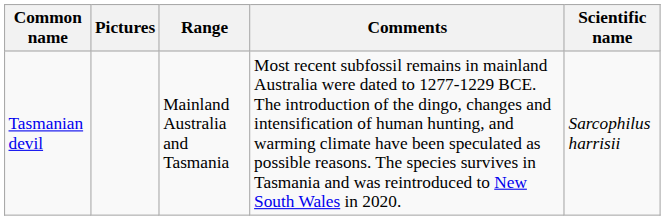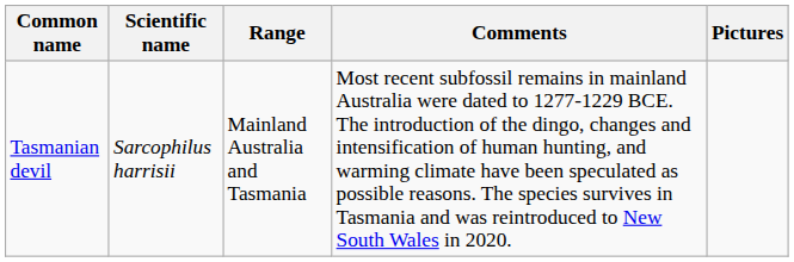 <table class="wikitable">
 <tr>
 <th>Common name</th>
-<th class="unsortable">Pictures</th>
+<th>Scientific name</th>
 <th>Range</th>
 <th class="unsortable">Comments</th>
-<th>Scientific name</th>
+<th class="unsortable">Pictures</th>
 </tr>
 <tr>
 <td><a href='#'>Tasmanian devil</a></td>
-<td></td>
+<td><em>Sarcophilus harrisii</em></td>
 <td>Mainland Australia and Tasmania</td>
 <td>Most recent subfossil remains in mainland Australia were dated to 1277-1229 BCE. The introduction of the dingo, changes and intensification of human hunting, and warming climate have been speculated as possible reasons. The species survives in Tasmania and was reintroduced to <a href='#'>New South Wales</a> in 2020.</td>
-<td><em>Sarcophilus harrisii</em></td>
+<td></td>
 </tr>
 </table>
